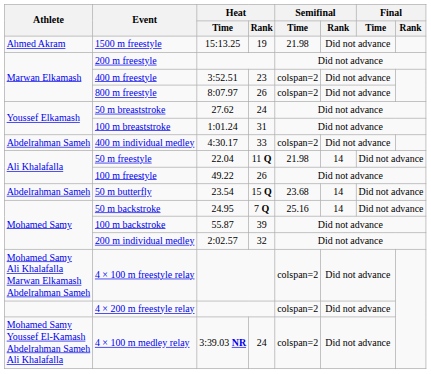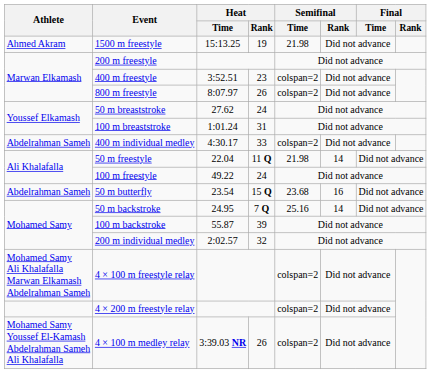 <table class=wikitable style="font-size:90%">
 <tr>
 <th rowspan="2">Athlete</th>
 <th rowspan="2">Event</th>
 <th colspan="2">Heat</th>
 <th colspan="2">Semifinal</th>
 <th colspan="2">Final</th>
 </tr>
 <tr style="font-size:95%">
 <th>Time</th>
 <th>Rank</th>
 <th>Time</th>
 <th>Rank</th>
 <th>Time</th>
 <th>Rank</th>
 </tr>
 <tr align=center>
 <td align=left><a href='#'>Ahmed Akram</a></td>
 <td align=left><a href='#'>1500 m freestyle</a></td>
 <td>15:13.25</td>
 <td>19</td>
 <td>21.98</td>
 <td colspan=2>Did not advance</td>
 </tr>
 <tr align=center>
 <td align=left rowspan=3><a href='#'>Marwan Elkamash</a></td>
 <td align=left><a href='#'>200 m freestyle</a></td>
 <td colspan=2></td>
 <td colspan=4>Did not advance</td>
 </tr>
 <tr align=center>
 <td align=left><a href='#'>400 m freestyle</a></td>
 <td>3:52.51</td>
 <td>23</td>
 <td>colspan=2</td>
 <td colspan=2>Did not advance</td>
 </tr>
 <tr align=center>
 <td align=left><a href='#'>800 m freestyle</a></td>
 <td>8:07.97</td>
 <td>26</td>
 <td>colspan=2</td>
 <td colspan=2>Did not advance</td>
 </tr>
 <tr align=center>
 <td align=left rowspan=2><a href='#'>Youssef Elkamash</a></td>
 <td align=left><a href='#'>50 m breaststroke</a></td>
 <td>27.62</td>
 <td>24</td>
 <td colspan=4>Did not advance</td>
 </tr>
 <tr align=center>
 <td align=left><a href='#'>100 m breaststroke</a></td>
 <td>1:01.24</td>
 <td>31</td>
 <td colspan=4>Did not advance</td>
 </tr>
 <tr align=center>
 <td align=left><a href='#'>Abdelrahman Sameh</a></td>
 <td align=left><a href='#'>400 m individual medley</a></td>
 <td>4:30.17</td>
 <td>33</td>
 <td>colspan=2</td>
 <td colspan=2>Did not advance</td>
 </tr>
 <tr align=center>
 <td align=left rowspan=2><a href='#'>Ali Khalafalla</a></td>
 <td align=left><a href='#'>50 m freestyle</a></td>
 <td>22.04</td>
 <td>11 <strong>Q</strong></td>
 <td>21.98</td>
 <td>14</td>
 <td colspan=2>Did not advance</td>
 </tr>
 <tr align=center>
 <td align=left><a href='#'>100 m freestyle</a></td>
 <td>49.22</td>
-<td>26</td>
+<td>24</td>
 <td colspan=4>Did not advance</td>
 </tr>
 <tr align=center>
 <td align=left><a href='#'>Abdelrahman Sameh</a></td>
 <td align=left><a href='#'>50 m butterfly</a></td>
 <td>23.54</td>
 <td>15 <strong>Q</strong></td>
 <td>23.68</td>
-<td>14</td>
+<td>16</td>
 <td colspan=2>Did not advance</td>
 </tr>
 <tr align=center>
 <td align=left rowspan=3><a href='#'>Mohamed Samy</a></td>
 <td align=left><a href='#'>50 m backstroke</a></td>
 <td>24.95</td>
 <td>7 <strong>Q</strong></td>
 <td>25.16</td>
 <td>14</td>
 <td colspan=2>Did not advance</td>
 </tr>
 <tr align=center>
 <td align=left><a href='#'>100 m backstroke</a></td>
 <td>55.87</td>
 <td>39</td>
 <td colspan=4>Did not advance</td>
 </tr>
 <tr align=center>
 <td align=left><a href='#'>200 m individual medley</a></td>
 <td>2:02.57</td>
 <td>32</td>
 <td colspan=4>Did not advance</td>
 </tr>
 <tr align=center>
 <td align=left><a href='#'>Mohamed Samy</a><br><a href='#'>Ali Khalafalla</a><br><a href='#'>Marwan Elkamash</a><br><a href='#'>Abdelrahman Sameh</a></td>
 <td align=left><a href='#'>4 × 100 m freestyle relay</a></td>
 <td colspan=2></td>
 <td>colspan=2 </td>
 <td colspan=2>Did not advance</td>
 </tr>
 <tr align=center>
 <td align=left></td>
 <td align=left><a href='#'>4 × 200 m freestyle relay</a></td>
 <td colspan=2></td>
 <td>colspan=2 </td>
 <td colspan=2>Did not advance</td>
 </tr>
 <tr align=center>
 <td align=left><a href='#'>Mohamed Samy</a><br><a href='#'>Youssef El-Kamash</a><br><a href='#'>Abdelrahman Sameh</a><br><a href='#'>Ali Khalafalla</a></td>
 <td align=left><a href='#'>4 × 100 m medley relay</a></td>
 <td>3:39.03 <strong><a href='#'>NR</a></strong></td>
-<td>24</td>
+<td>26</td>
 <td>colspan=2 </td>
 <td colspan=2>Did not advance</td>
 </tr>
 </table>
